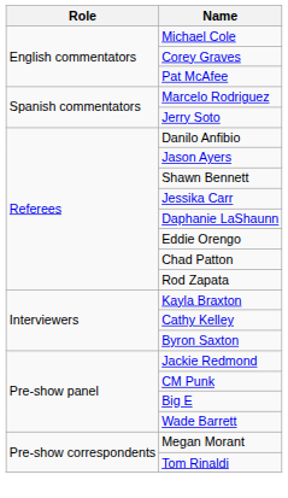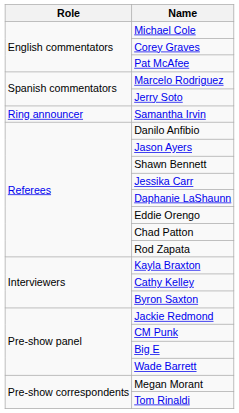 <table class=wikitable style="font-size:90%; margin: 0.5em 0 0.5em 1em; float: right; clear: right;">
 <tr>
 <th>Role</th>
 <th>Name</th>
 </tr>
 <tr>
 <td rowspan="3">English commentators</td>
 <td><a href='#'>Michael Cole</a></td>
 </tr>
 <tr>
 <td><a href='#'>Corey Graves</a></td>
 </tr>
 <tr>
 <td><a href='#'>Pat McAfee</a></td>
 </tr>
 <tr>
 <td rowspan=2>Spanish commentators</td>
 <td><a href='#'>Marcelo Rodriguez</a></td>
 </tr>
 <tr>
 <td><a href='#'>Jerry Soto</a></td>
+</tr>
+<tr>
+<td rowspan="1"><a href='#'>Ring announcer</a></td>
+<td><a href='#'>Samantha Irvin</a></td>
 </tr>
 <tr>
 <td rowspan="8"><a href='#'>Referees</a></td>
 <td>Danilo Anfibio</td>
 </tr>
 <tr>
 <td><a href='#'>Jason Ayers</a></td>
 </tr>
 <tr>
 <td>Shawn Bennett</td>
 </tr>
 <tr>
 <td><a href='#'>Jessika Carr</a></td>
 </tr>
 <tr>
 <td><a href='#'>Daphanie LaShaunn</a></td>
 </tr>
 <tr>
 <td>Eddie Orengo</td>
 </tr>
 <tr>
 <td>Chad Patton</td>
 </tr>
 <tr>
 <td>Rod Zapata</td>
 </tr>
 <tr>
 <td rowspan="3">Interviewers</td>
 <td><a href='#'>Kayla Braxton</a></td>
 </tr>
 <tr>
 <td><a href='#'>Cathy Kelley</a></td>
 </tr>
 <tr>
 <td><a href='#'>Byron Saxton</a></td>
 </tr>
 <tr>
 <td rowspan="4">Pre-show panel</td>
 <td><a href='#'>Jackie Redmond</a></td>
 </tr>
 <tr>
 <td><a href='#'>CM Punk</a></td>
 </tr>
 <tr>
 <td><a href='#'>Big E</a></td>
 </tr>
 <tr>
 <td><a href='#'>Wade Barrett</a></td>
 </tr>
 <tr>
 <td rowspan=2>Pre-show correspondents</td>
 <td>Megan Morant</td>
 </tr>
 <tr>
 <td><a href='#'>Tom Rinaldi</a></td>
 </tr>
 </table>
